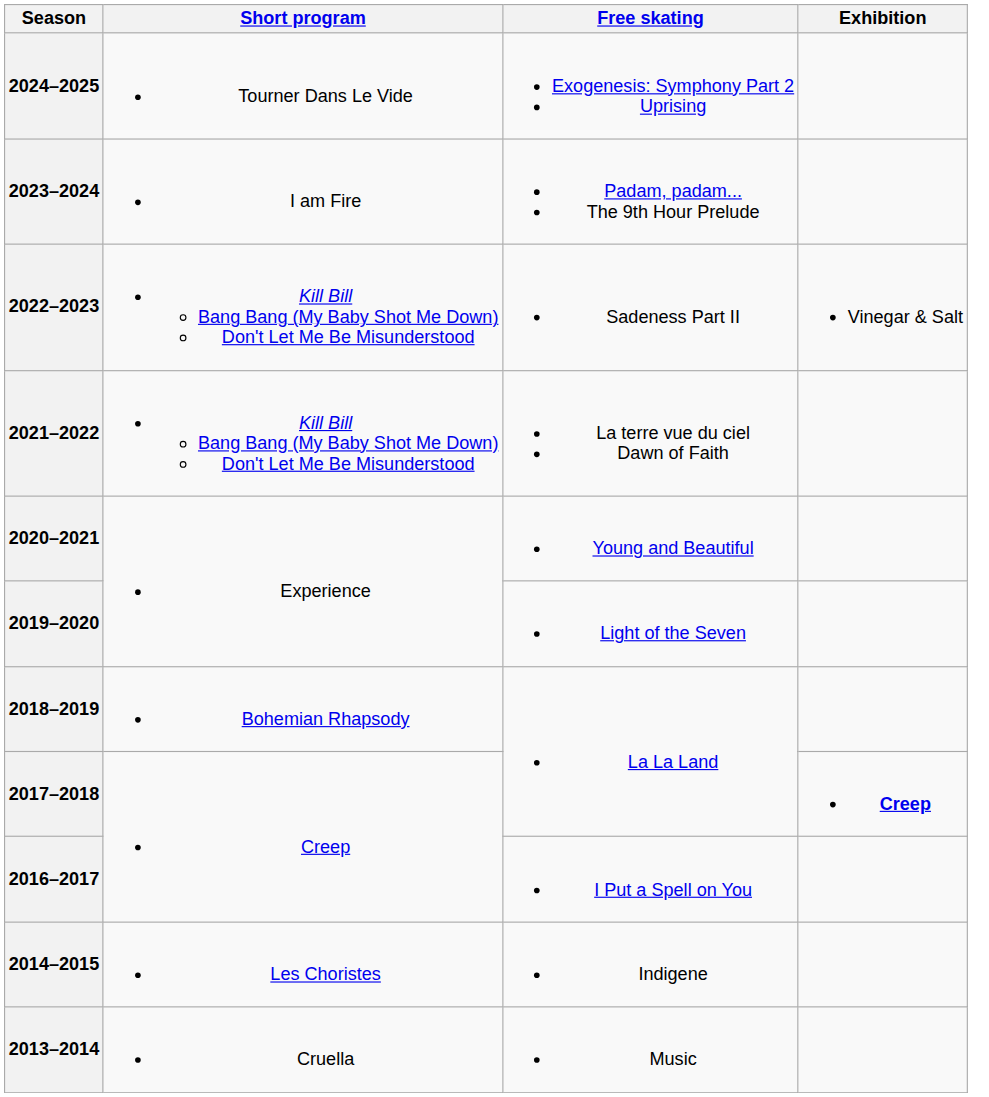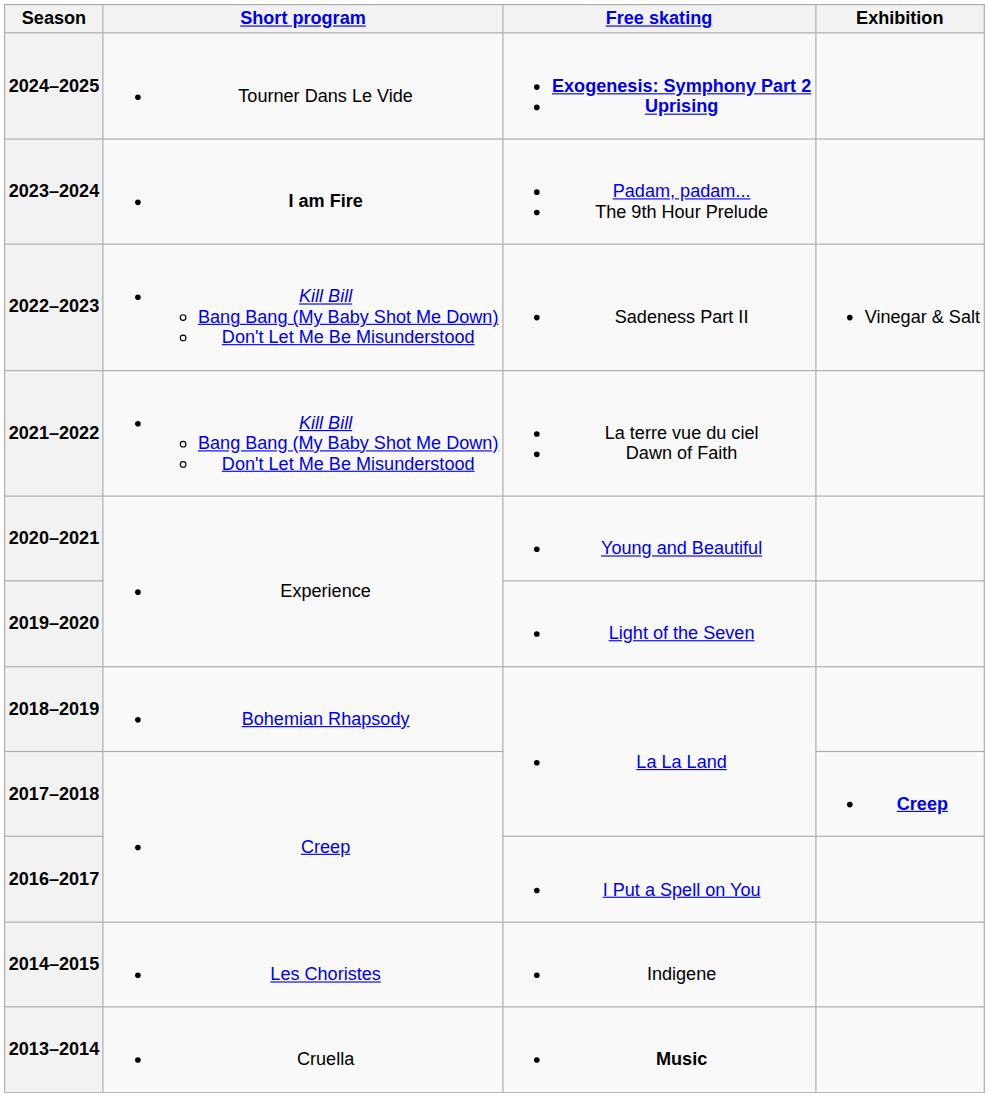 <table class=wikitable style=text-align:center>
 <tr>
 <th>Season</th>
 <th><a href='#'>Short program</a></th>
 <th><a href='#'>Free skating</a></th>
 <th>Exhibition</th>
 </tr>
 <tr>
 <th>2024–2025 <br> </th>
 <td><br><ul><li>Tourner Dans Le Vide <br> </li></ul></td>
-<td><br><ul><li><a href='#'>Exogenesis: Symphony Part 2</a></li><li><a href='#'>Uprising</a> <br> </li></ul></td>
+<td><strong><br><ul><li><a href='#'>Exogenesis: Symphony Part 2</a></li><li><a href='#'>Uprising</a> <br> </li></ul></strong></td>
 <td></td>
 </tr>
 <tr>
 <th>2023–2024 <br></th>
-<td><br><ul><li>I am Fire <br> </li></ul></td>
+<td><strong><br><ul><li>I am Fire <br> </li></ul></strong></td>
 <td><br><ul><li><a href='#'>Padam, padam...</a></li><li>The 9th Hour Prelude <br> </li></ul></td>
 <td></td>
 </tr>
 <tr>
 <th>2022–2023 <br></th>
 <td><br><ul><li><em><a href='#'>Kill Bill</a></em><ul><li><a href='#'>Bang Bang (My Baby Shot Me Down)</a> <br></li><li><a href='#'>Don't Let Me Be Misunderstood</a> <br></li></ul></li></ul></td>
 <td><br><ul><li>Sadeness Part II <br></li></ul></td>
 <td><br><ul><li>Vinegar & Salt <br></li></ul></td>
 </tr>
 <tr>
 <th>2021–2022 <br></th>
 <td><br><ul><li><em><a href='#'>Kill Bill</a></em><ul><li><a href='#'>Bang Bang (My Baby Shot Me Down)</a> <br></li><li><a href='#'>Don't Let Me Be Misunderstood</a> <br></li></ul></li></ul></td>
 <td><br><ul><li>La terre vue du ciel <br></li><li>Dawn of Faith <br></li></ul></td>
 <td></td>
 </tr>
 <tr>
 <th>2020–2021 <br></th>
 <td rowspan=2><br><ul><li>Experience <br></li></ul></td>
 <td><br><ul><li><a href='#'>Young and Beautiful</a> <br></li></ul></td>
 <td></td>
 </tr>
 <tr>
 <th>2019–2020 <br></th>
 <td><br><ul><li><a href='#'>Light of the Seven</a> <br></li></ul></td>
 <td></td>
 </tr>
 <tr>
 <th>2018–2019 <br></th>
 <td><br><ul><li><a href='#'>Bohemian Rhapsody</a> <br></li></ul></td>
 <td rowspan=2><br><ul><li><a href='#'>La La Land</a> <br></li></ul></td>
 <td></td>
 </tr>
 <tr>
 <th>2017–2018 <br></th>
 <td rowspan=2><br><ul><li><a href='#'>Creep</a> <br></li></ul></td>
 <td><strong><br><ul><li><a href='#'>Creep</a> <br></li></ul></strong></td>
 </tr>
 <tr>
 <th>2016–2017</th>
 <td><br><ul><li><a href='#'>I Put a Spell on You</a> <br></li></ul></td>
 <td></td>
 </tr>
 <tr>
 <th>2014–2015 <br></th>
 <td><br><ul><li><a href='#'>Les Choristes</a> <br></li></ul></td>
 <td><br><ul><li>Indigene</li></ul></td>
 <td></td>
 </tr>
 <tr>
 <th>2013–2014 <br></th>
 <td><br><ul><li>Cruella</li></ul></td>
-<td><br><ul><li>Music <br></li></ul></td>
+<td><strong><br><ul><li>Music <br></li></ul></strong></td>
 <td></td>
 </tr>
 </table>
